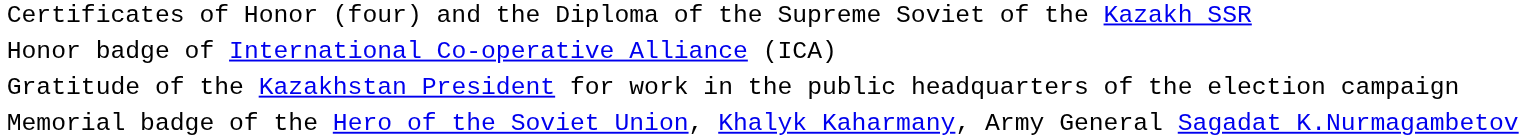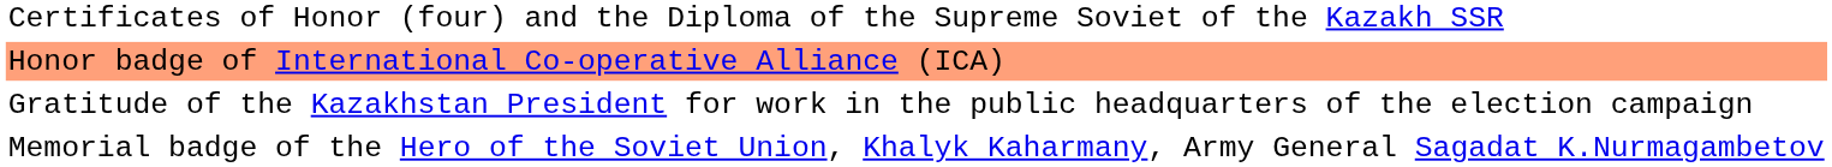 <table>
 <tr>
 <td>Certificates of Honor (four) and the Diploma of the Supreme Soviet of the <a href='#'>Kazakh SSR</a></td>
 </tr>
 <tr>
-<td>Honor badge of <a href='#'>International Co-operative Alliance</a> (ICA)</td>
+<td style="background: lightsalmon;">Honor badge of <a href='#'>International Co-operative Alliance</a> (ICA)</td>
 </tr>
 <tr>
 <td>Gratitude of the <a href='#'>Kazakhstan President</a> for work in the public headquarters of the election campaign</td>
 </tr>
 <tr>
 <td>Memorial badge of the <a href='#'>Hero of the Soviet Union</a>, <a href='#'>Khalyk Kaharmany</a>, Army General <a href='#'>Sagadat K.Nurmagambetov</a></td>
 </tr>
 </table>
